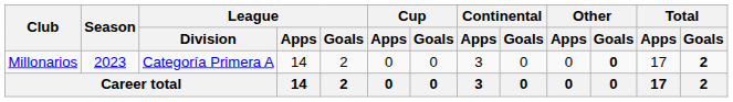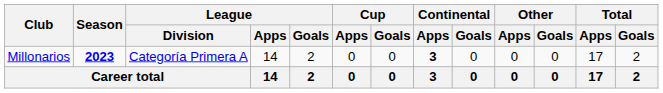 <table class=wikitable style=text-align:center>
 <tr>
 <th rowspan="2">Club</th>
 <th rowspan="2">Season</th>
 <th colspan="3">League</th>
 <th colspan="2">Cup</th>
 <th colspan="2">Continental</th>
 <th colspan="2">Other</th>
 <th colspan="2">Total</th>
 </tr>
 <tr>
 <th>Division</th>
 <th>Apps</th>
 <th>Goals</th>
 <th>Apps</th>
 <th>Goals</th>
 <th>Apps</th>
 <th>Goals</th>
 <th>Apps</th>
 <th>Goals</th>
 <th>Apps</th>
 <th>Goals</th>
 </tr>
 <tr>
 <td><a href='#'>Millonarios</a></td>
-<td><a href='#'>2023</a></td>
+<td><strong><a href='#'>2023</a></strong></td>
 <td><a href='#'>Categoría Primera A</a></td>
 <td>14</td>
 <td>2</td>
 <td>0</td>
 <td>0</td>
-<td>3</td>
+<td><strong>3</strong></td>
 <td>0</td>
 <td>0</td>
-<td><strong>0</strong></td>
+<td>0</td>
 <td>17</td>
-<td><strong>2</strong></td>
+<td>2</td>
 </tr>
 <tr>
 <th colspan="3"><strong>Career total</strong></th>
 <th>14</th>
 <th>2</th>
 <th>0</th>
 <th>0</th>
 <th>3</th>
 <th>0</th>
 <th>0</th>
 <th>0</th>
 <th>17</th>
 <th>2</th>
 </tr>
 </table>
